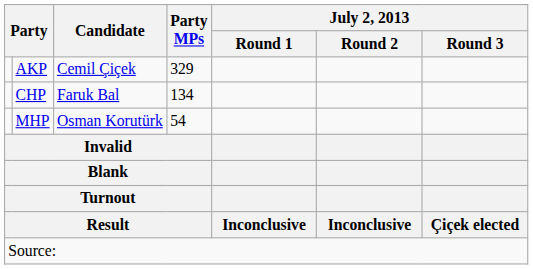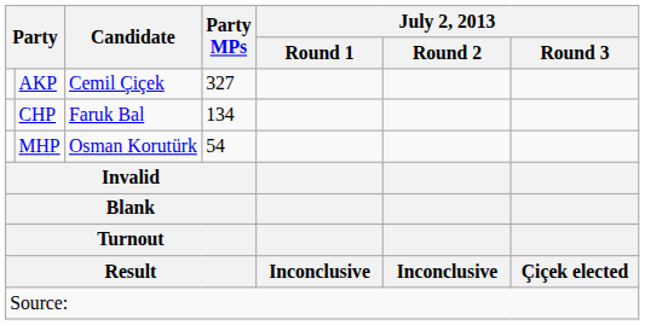 <table class=wikitable style="font-size:90%;">
 <tr>
 <th rowspan="2" colspan="2">Party</th>
 <th rowspan="2">Candidate</th>
 <th rowspan="2">Party<br><a href='#'>MPs</a></th>
 <th colspan="3">July 2, 2013</th>
 </tr>
 <tr>
 <th width="90px">Round 1<br></th>
 <th width="90px">Round 2<br></th>
 <th width="90px">Round 3<br></th>
 </tr>
 <tr>
 <td style="background: "></td>
 <td><a href='#'>AKP</a></td>
 <td><a href='#'>Cemil Çiçek</a></td>
-<td>329</td>
+<td>327</td>
 <td></td>
 <td></td>
 <td></td>
 </tr>
 <tr>
 <td style="background: "></td>
 <td><a href='#'>CHP</a></td>
 <td><a href='#'>Faruk Bal</a></td>
 <td>134</td>
 <td></td>
 <td></td>
 <td></td>
 </tr>
 <tr>
 <td style="background: "></td>
 <td><a href='#'>MHP</a></td>
 <td><a href='#'>Osman Korutürk</a></td>
 <td>54</td>
 <td></td>
 <td></td>
 <td></td>
 </tr>
 <tr>
 <th colspan="4">Invalid</th>
 <th></th>
 <th></th>
 <th></th>
 </tr>
 <tr>
 <th colspan="4">Blank</th>
 <th></th>
 <th></th>
 <th></th>
 </tr>
 <tr>
 <th colspan="4"><strong>Turnout</strong></th>
 <th></th>
 <th></th>
 <th></th>
 </tr>
 <tr>
 <th colspan="4"><strong>Result</strong></th>
 <th>Inconclusive</th>
 <th>Inconclusive</th>
 <th>Çiçek elected</th>
 </tr>
 <tr>
 <td colspan="7">Source: </td>
 </tr>
 </table>
